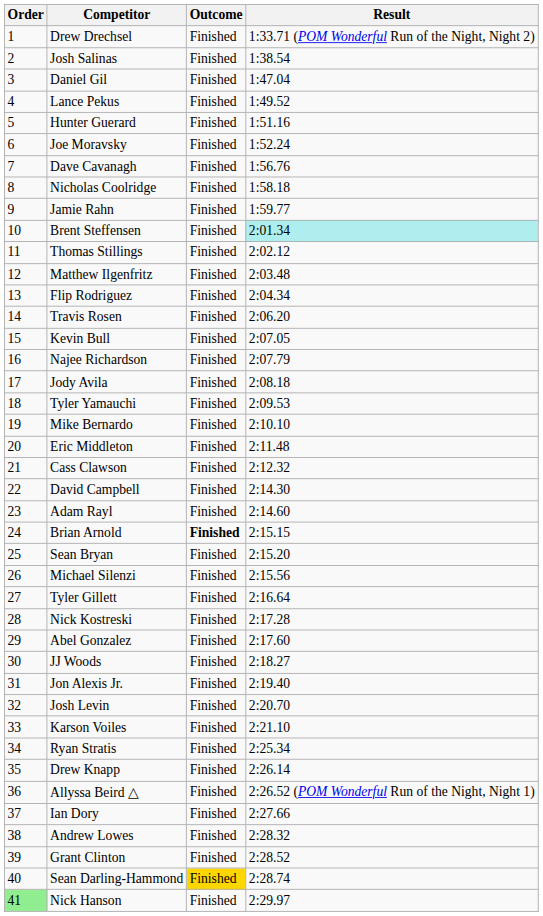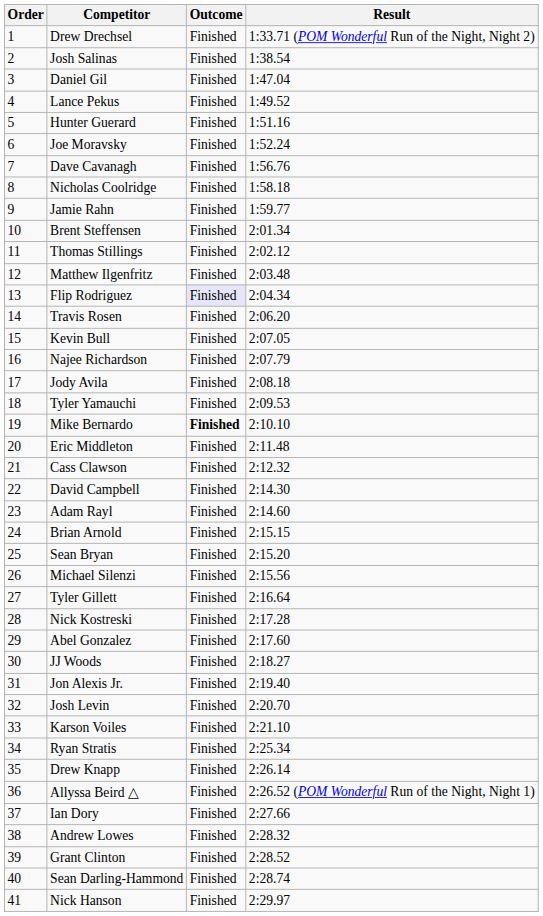 <table class="wikitable sortable">
 <tr>
 <th>Order</th>
 <th>Competitor</th>
 <th>Outcome</th>
 <th>Result</th>
 </tr>
 <tr>
 <td>1</td>
 <td>Drew Drechsel</td>
 <td>Finished</td>
 <td>1:33.71 (<em><a href='#'>POM Wonderful</a></em> Run of the Night, Night 2)</td>
 </tr>
 <tr>
 <td>2</td>
 <td>Josh Salinas</td>
 <td>Finished</td>
 <td>1:38.54</td>
 </tr>
 <tr>
 <td>3</td>
 <td>Daniel Gil</td>
 <td>Finished</td>
 <td>1:47.04</td>
 </tr>
 <tr>
 <td>4</td>
 <td>Lance Pekus</td>
 <td>Finished</td>
 <td>1:49.52</td>
 </tr>
 <tr>
 <td>5</td>
 <td>Hunter Guerard</td>
 <td>Finished</td>
 <td>1:51.16</td>
 </tr>
 <tr>
 <td>6</td>
 <td>Joe Moravsky</td>
 <td>Finished</td>
 <td>1:52.24</td>
 </tr>
 <tr>
 <td>7</td>
 <td>Dave Cavanagh</td>
 <td>Finished</td>
 <td>1:56.76</td>
 </tr>
 <tr>
 <td>8</td>
 <td>Nicholas Coolridge</td>
 <td>Finished</td>
 <td>1:58.18</td>
 </tr>
 <tr>
 <td>9</td>
 <td>Jamie Rahn</td>
 <td>Finished</td>
 <td>1:59.77</td>
 </tr>
 <tr>
 <td>10</td>
 <td>Brent Steffensen</td>
 <td>Finished</td>
-<td style="background: paleturquoise;">2:01.34</td>
+<td>2:01.34</td>
 </tr>
 <tr>
 <td>11</td>
 <td>Thomas Stillings</td>
 <td>Finished</td>
 <td>2:02.12</td>
 </tr>
 <tr>
 <td>12</td>
 <td>Matthew Ilgenfritz</td>
 <td>Finished</td>
 <td>2:03.48</td>
 </tr>
 <tr>
 <td>13</td>
 <td>Flip Rodriguez</td>
-<td>Finished</td>
+<td style="background: lavender;">Finished</td>
 <td>2:04.34</td>
 </tr>
 <tr>
 <td>14</td>
 <td>Travis Rosen</td>
 <td>Finished</td>
 <td>2:06.20</td>
 </tr>
 <tr>
 <td>15</td>
 <td>Kevin Bull</td>
 <td>Finished</td>
 <td>2:07.05</td>
 </tr>
 <tr>
 <td>16</td>
 <td>Najee Richardson</td>
 <td>Finished</td>
 <td>2:07.79</td>
 </tr>
 <tr>
 <td>17</td>
 <td>Jody Avila</td>
 <td>Finished</td>
 <td>2:08.18</td>
 </tr>
 <tr>
 <td>18</td>
 <td>Tyler Yamauchi</td>
 <td>Finished</td>
 <td>2:09.53</td>
 </tr>
 <tr>
 <td>19</td>
 <td>Mike Bernardo</td>
-<td>Finished</td>
+<td><strong>Finished</strong></td>
 <td>2:10.10</td>
 </tr>
 <tr>
 <td>20</td>
 <td>Eric Middleton</td>
 <td>Finished</td>
 <td>2:11.48</td>
 </tr>
 <tr>
 <td>21</td>
 <td>Cass Clawson</td>
 <td>Finished</td>
 <td>2:12.32</td>
 </tr>
 <tr>
 <td>22</td>
 <td>David Campbell</td>
 <td>Finished</td>
 <td>2:14.30</td>
 </tr>
 <tr>
 <td>23</td>
 <td>Adam Rayl</td>
 <td>Finished</td>
 <td>2:14.60</td>
 </tr>
 <tr>
 <td>24</td>
 <td>Brian Arnold</td>
-<td><strong>Finished</strong></td>
+<td>Finished</td>
 <td>2:15.15</td>
 </tr>
 <tr>
 <td>25</td>
 <td>Sean Bryan</td>
 <td>Finished</td>
 <td>2:15.20</td>
 </tr>
 <tr>
 <td>26</td>
 <td>Michael Silenzi</td>
 <td>Finished</td>
 <td>2:15.56</td>
 </tr>
 <tr>
 <td>27</td>
 <td>Tyler Gillett</td>
 <td>Finished</td>
 <td>2:16.64</td>
 </tr>
 <tr>
 <td>28</td>
 <td>Nick Kostreski</td>
 <td>Finished</td>
 <td>2:17.28</td>
 </tr>
 <tr>
 <td>29</td>
 <td>Abel Gonzalez</td>
 <td>Finished</td>
 <td>2:17.60</td>
 </tr>
 <tr>
 <td>30</td>
 <td>JJ Woods</td>
 <td>Finished</td>
 <td>2:18.27</td>
 </tr>
 <tr>
 <td>31</td>
 <td>Jon Alexis Jr.</td>
 <td>Finished</td>
 <td>2:19.40</td>
 </tr>
 <tr>
 <td>32</td>
 <td>Josh Levin</td>
 <td>Finished</td>
 <td>2:20.70</td>
 </tr>
 <tr>
 <td>33</td>
 <td>Karson Voiles</td>
 <td>Finished</td>
 <td>2:21.10</td>
 </tr>
 <tr>
 <td>34</td>
 <td>Ryan Stratis</td>
 <td>Finished</td>
 <td>2:25.34</td>
 </tr>
 <tr>
 <td>35</td>
 <td>Drew Knapp</td>
 <td>Finished</td>
 <td>2:26.14</td>
 </tr>
 <tr>
 <td>36</td>
 <td>Allyssa Beird △</td>
 <td>Finished</td>
 <td>2:26.52 (<em><a href='#'>POM Wonderful</a></em> Run of the Night, Night 1)</td>
 </tr>
 <tr>
 <td>37</td>
 <td>Ian Dory</td>
 <td>Finished</td>
 <td>2:27.66</td>
 </tr>
 <tr>
 <td>38</td>
 <td>Andrew Lowes</td>
 <td>Finished</td>
 <td>2:28.32</td>
 </tr>
 <tr>
 <td>39</td>
 <td>Grant Clinton</td>
 <td>Finished</td>
 <td>2:28.52</td>
 </tr>
 <tr>
 <td>40</td>
 <td>Sean Darling-Hammond</td>
-<td style="background: gold;">Finished</td>
+<td>Finished</td>
 <td>2:28.74</td>
 </tr>
 <tr>
-<td style="background: lightgreen;">41</td>
+<td>41</td>
 <td>Nick Hanson</td>
 <td>Finished</td>
 <td>2:29.97</td>
 </tr>
 </table>
